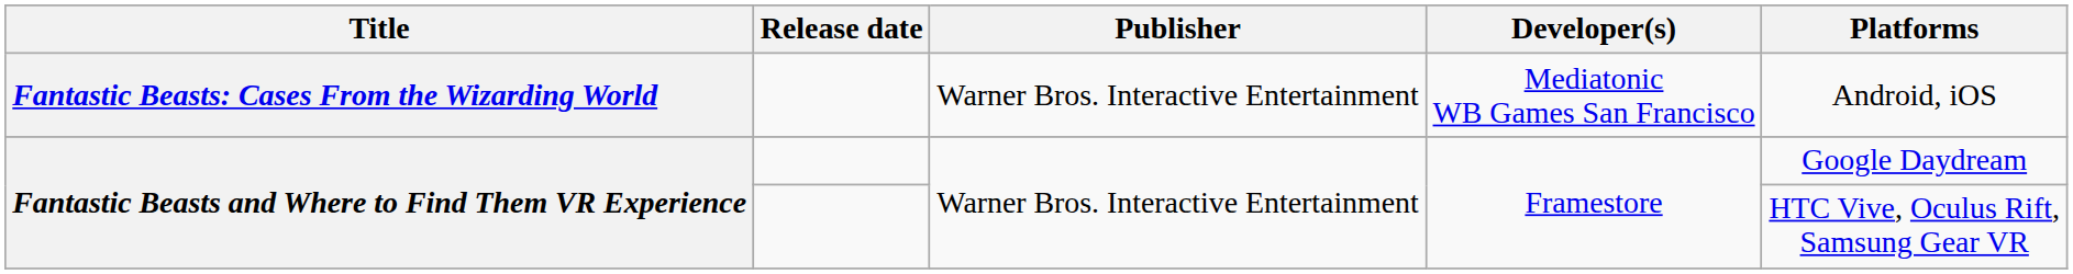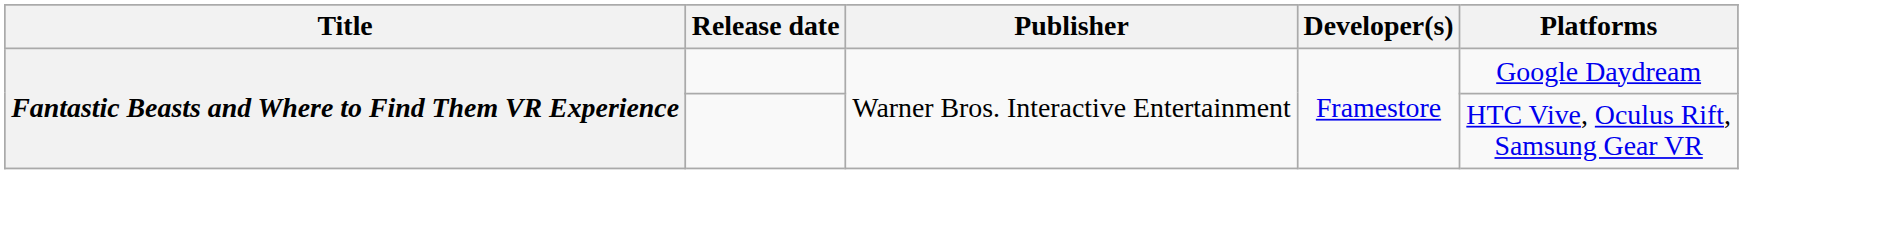 <table class="wikitable plainrowheaders" style="text-align:center;">
 <tr>
 <th scope="col">Title</th>
 <th scope="col">Release date</th>
 <th scope="col">Publisher</th>
 <th scope="col">Developer(s)</th>
 <th scope="col">Platforms</th>
-</tr>
-<tr>
-<th scope="row" style="text-align:left"><em><a href='#'>Fantastic Beasts: Cases From the Wizarding World</a></em></th>
-<td style="text-align:left"></td>
-<td>Warner Bros. Interactive Entertainment</td>
-<td><a href='#'>Mediatonic</a><br><a href='#'>WB Games San Francisco</a></td>
-<td>Android, iOS</td>
 </tr>
 <tr>
 <th scope="row" style="text-align:left" rowspan="2"><em>Fantastic Beasts and Where to Find Them VR Experience</em></th>
 <td style="text-align:left"></td>
 <td rowspan="2">Warner Bros. Interactive Entertainment</td>
 <td rowspan="2"><a href='#'>Framestore</a></td>
 <td><a href='#'>Google Daydream</a></td>
 </tr>
 <tr>
 <td style="text-align:left"></td>
 <td><a href='#'>HTC Vive</a>, <a href='#'>Oculus Rift</a>,<br><a href='#'>Samsung Gear VR</a></td>
 </tr>
 </table>
